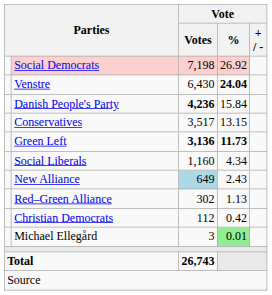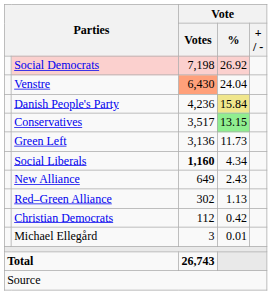 <table class="wikitable" style="text-align:right;">
 <tr>
 <th style="text-align:centre;" rowspan="2" colspan="2" width="225">Parties</th>
 <th colspan="3">Vote</th>
 </tr>
 <tr>
 <th width="15">Votes</th>
 <th width="15">%</th>
 <th width="15">+ / -</th>
 </tr>
 <tr>
 <td width="2" style="color:inherit;background:"></td>
 <td bgcolor=#fbd0ce  align="left"><a href='#'>Social Democrats</a></td>
 <td bgcolor=#fbd0ce>7,198</td>
 <td bgcolor=#fbd0ce>26.92</td>
 <td></td>
 </tr>
 <tr>
 <td width="2" style="color:inherit;background:"></td>
 <td align="left"><a href='#'>Venstre</a></td>
-<td>6,430</td>
-<td><strong>24.04</strong></td>
+<td style="background: lightsalmon;">6,430</td>
+<td>24.04</td>
 <td></td>
 </tr>
 <tr>
 <td width="2" style="color:inherit;background:"></td>
 <td align="left"><a href='#'>Danish People's Party</a></td>
-<td><strong>4,236</strong></td>
-<td>15.84</td>
+<td>4,236</td>
+<td style="background: khaki;">15.84</td>
 <td></td>
 </tr>
 <tr>
 <td width="2" style="color:inherit;background:"></td>
 <td align="left"><a href='#'>Conservatives</a></td>
 <td>3,517</td>
-<td>13.15</td>
+<td style="background: lightgreen;">13.15</td>
 <td></td>
 </tr>
 <tr>
 <td width="2" style="color:inherit;background:"></td>
 <td align="left"><a href='#'>Green Left</a></td>
-<td><strong>3,136</strong></td>
-<td><strong>11.73</strong></td>
+<td>3,136</td>
+<td>11.73</td>
 <td></td>
 </tr>
 <tr>
 <td width="2" style="color:inherit;background:"></td>
 <td align="left"><a href='#'>Social Liberals</a></td>
-<td>1,160</td>
+<td><strong>1,160</strong></td>
 <td>4.34</td>
 <td></td>
 </tr>
 <tr>
 <td width="2" style="color:inherit;background:"></td>
 <td align="left"><a href='#'>New Alliance</a></td>
-<td style="background: lightblue;">649</td>
+<td>649</td>
 <td>2.43</td>
 <td></td>
 </tr>
 <tr>
 <td width="2" style="color:inherit;background:"></td>
 <td align="left"><a href='#'>Red–Green Alliance</a></td>
 <td>302</td>
 <td>1.13</td>
 <td></td>
 </tr>
 <tr>
 <td width="2" style="color:inherit;background:"></td>
 <td align="left"><a href='#'>Christian Democrats</a></td>
 <td>112</td>
 <td>0.42</td>
 <td></td>
 </tr>
 <tr>
 <td width="2" style="color:inherit;background:"></td>
 <td align="left">Michael Ellegård</td>
 <td>3</td>
-<td style="background: lightgreen;">0.01</td>
+<td>0.01</td>
 <td></td>
 </tr>
 <tr>
 <td colspan="7" bgcolor="#E9E9E9"></td>
 </tr>
 <tr>
 <td align="left" colspan="2"><strong>Total</strong></td>
 <td><strong>26,743</strong></td>
 <td bgcolor="#E9E9E9" colspan="2"></td>
 </tr>
 <tr>
 <td align="left" colspan="6">Source</td>
 </tr>
 </table>
